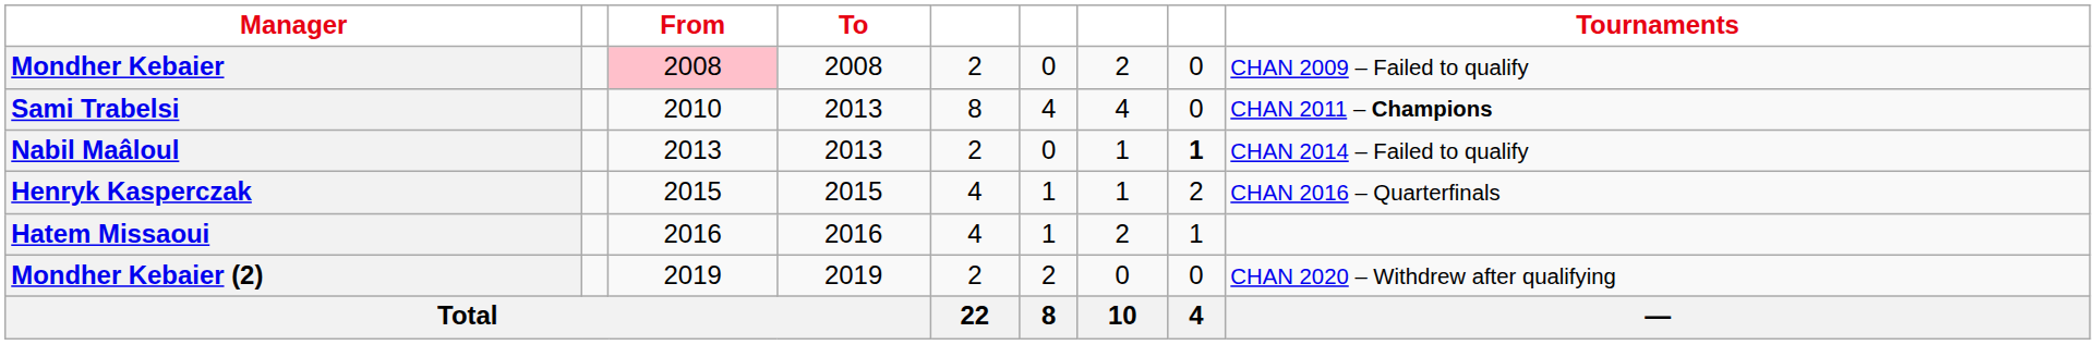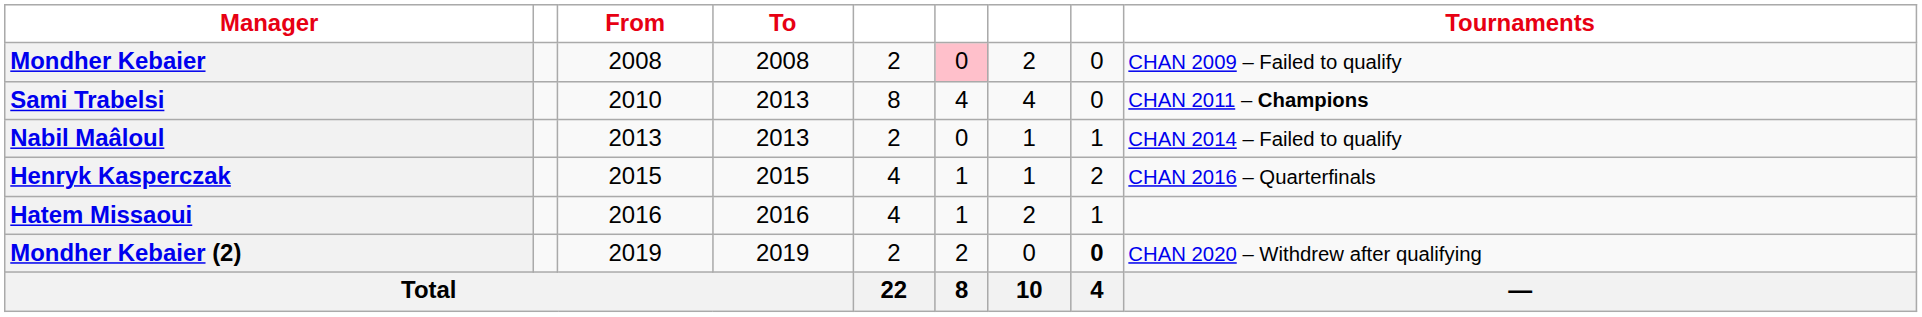 <table class="wikitable plainrowheaders" style="font-size:99%; text-align:center;" width="80%" "class="wikitable">
 <tr style="color:white">
 <th style="background:#FFFFFF; color:#E70013; ">Manager</th>
 <th style="background:#FFFFFF; color:#E70013; "></th>
 <th style="background:#FFFFFF; color:#E70013; ">From</th>
 <th style="background:#FFFFFF; color:#E70013; ">To</th>
 <th style="background:#FFFFFF; color:#E70013; "></th>
 <th style="background:#FFFFFF; color:#E70013; "></th>
 <th style="background:#FFFFFF; color:#E70013; "></th>
 <th style="background:#FFFFFF; color:#E70013; "></th>
 <th style="background:#FFFFFF; color:#E70013; ">Tournaments</th>
 </tr>
 <tr>
 <th scope="row" style="text-align: left;"><a href='#'>Mondher Kebaier</a></th>
 <td></td>
-<td style="background: pink;">2008</td>
+<td>2008</td>
 <td>2008</td>
 <td>2</td>
-<td>0</td>
+<td style="background: pink;">0</td>
 <td>2</td>
 <td>0</td>
 <td align="left" style="font-size: 85%"> <a href='#'>CHAN 2009</a> – Failed to qualify</td>
 </tr>
 <tr>
 <th scope="row" style="text-align: left;"><a href='#'>Sami Trabelsi</a></th>
 <td></td>
 <td>2010</td>
 <td>2013</td>
 <td>8</td>
 <td>4</td>
 <td>4</td>
 <td>0</td>
 <td align="left" style="font-size: 85%"> <a href='#'>CHAN 2011</a> – <strong>Champions</strong></td>
 </tr>
 <tr>
 <th scope="row" style="text-align: left;"><a href='#'>Nabil Maâloul</a></th>
 <td></td>
 <td>2013</td>
 <td>2013</td>
 <td>2</td>
 <td>0</td>
 <td>1</td>
-<td><strong>1</strong></td>
+<td>1</td>
 <td align="left" style="font-size: 85%"> <a href='#'>CHAN 2014</a> – Failed to qualify</td>
 </tr>
 <tr>
 <th scope="row" style="text-align: left;"><a href='#'>Henryk Kasperczak</a></th>
 <td></td>
 <td>2015</td>
 <td>2015</td>
 <td>4</td>
 <td>1</td>
 <td>1</td>
 <td>2</td>
 <td align="left" style="font-size: 85%"> <a href='#'>CHAN 2016</a> – Quarterfinals</td>
 </tr>
 <tr>
 <th scope="row" style="text-align: left;"><a href='#'>Hatem Missaoui</a></th>
 <td></td>
 <td>2016</td>
 <td>2016</td>
 <td>4</td>
 <td>1</td>
 <td>2</td>
 <td>1</td>
 <td></td>
 </tr>
 <tr>
 <th scope="row" style="text-align: left;"><a href='#'>Mondher Kebaier</a> (2)</th>
 <td></td>
 <td>2019</td>
 <td>2019</td>
 <td>2</td>
 <td>2</td>
 <td>0</td>
-<td>0</td>
+<td><strong>0</strong></td>
 <td align="left" style="font-size: 85%"> <a href='#'>CHAN 2020</a> – Withdrew after qualifying</td>
 </tr>
 <tr>
 <th colspan="4"><strong>Total</strong></th>
 <th>22</th>
 <th>8</th>
 <th>10</th>
 <th>4</th>
 <th>—</th>
 </tr>
 </table>
